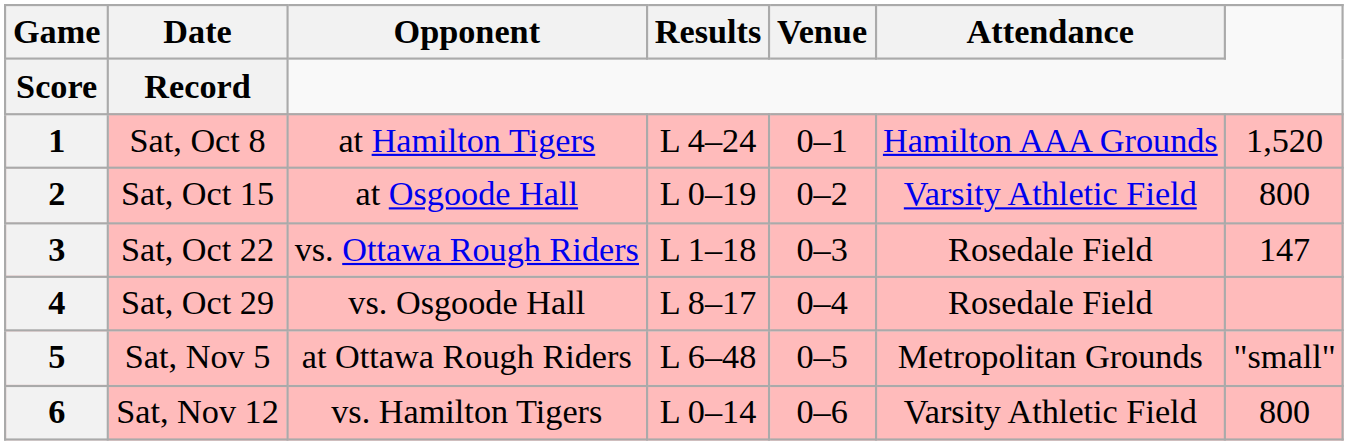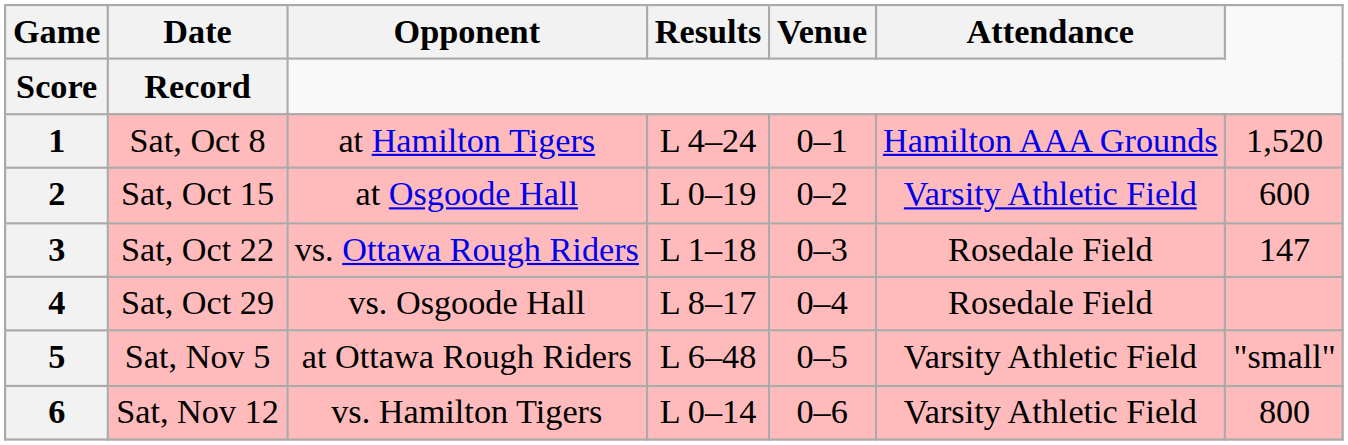 <table class="wikitable" style="text-align:center">
 <tr>
 <th>Game</th>
 <th>Date</th>
 <th>Opponent</th>
 <th>Results</th>
 <th>Venue</th>
 <th>Attendance</th>
 </tr>
 <tr>
 <th>Score</th>
 <th>Record</th>
 </tr>
 <tr style="background:#ffbbbb">
 <th>1</th>
 <td>Sat, Oct 8</td>
 <td>at <a href='#'>Hamilton Tigers</a></td>
 <td>L 4–24</td>
 <td>0–1</td>
 <td><a href='#'>Hamilton AAA Grounds</a></td>
 <td>1,520</td>
 </tr>
 <tr style="background:#ffbbbb">
 <th>2</th>
 <td>Sat, Oct 15</td>
 <td>at <a href='#'>Osgoode Hall</a></td>
 <td>L 0–19</td>
 <td>0–2</td>
 <td><a href='#'>Varsity Athletic Field</a></td>
-<td>800</td>
+<td>600</td>
 </tr>
 <tr style="background:#ffbbbb">
 <th>3</th>
 <td>Sat, Oct 22</td>
 <td>vs. <a href='#'>Ottawa Rough Riders</a></td>
 <td>L 1–18</td>
 <td>0–3</td>
 <td>Rosedale Field</td>
 <td>147</td>
 </tr>
 <tr style="background:#ffbbbb">
 <th>4</th>
 <td>Sat, Oct 29</td>
 <td>vs. Osgoode Hall</td>
 <td>L 8–17</td>
 <td>0–4</td>
 <td>Rosedale Field</td>
 <td></td>
 </tr>
 <tr style="background:#ffbbbb">
 <th>5</th>
 <td>Sat, Nov 5</td>
 <td>at Ottawa Rough Riders</td>
 <td>L 6–48</td>
 <td>0–5</td>
-<td>Metropolitan Grounds</td>
+<td>Varsity Athletic Field</td>
 <td>"small"</td>
 </tr>
 <tr style="background:#ffbbbb">
 <th>6</th>
 <td>Sat, Nov 12</td>
 <td>vs. Hamilton Tigers</td>
 <td>L 0–14</td>
 <td>0–6</td>
 <td>Varsity Athletic Field</td>
 <td>800</td>
 </tr>
 </table>
